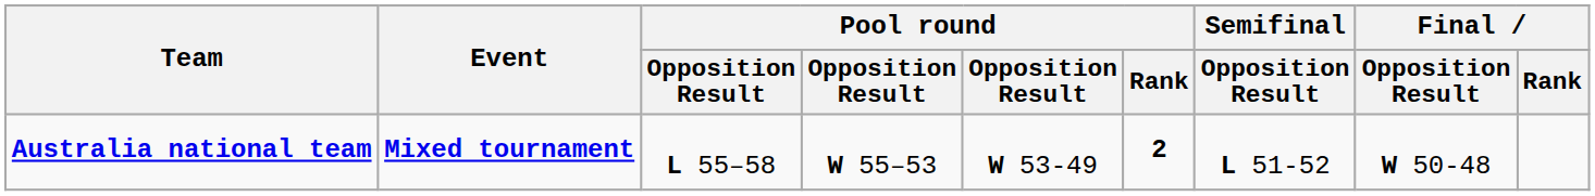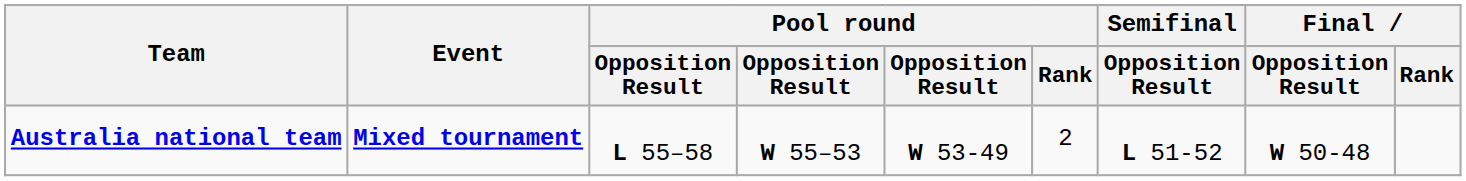 <table class=wikitable style=font-size:90%>
 <tr>
 <th rowspan=2>Team</th>
 <th rowspan=2>Event</th>
 <th colspan=4>Pool round</th>
 <th>Semifinal</th>
 <th colspan=2>Final / </th>
 </tr>
 <tr style=font-size:95%>
 <th>Opposition<br>Result</th>
 <th>Opposition<br>Result</th>
 <th>Opposition<br>Result</th>
 <th>Rank</th>
 <th>Opposition<br>Result</th>
 <th>Opposition<br>Result</th>
 <th>Rank</th>
 </tr>
 <tr align=center>
 <td align=left><strong><a href='#'>Australia national team</a></strong></td>
 <td align=left><strong><a href='#'>Mixed tournament</a></strong></td>
 <td><br><strong>L</strong> 55–58</td>
 <td><br><strong>W</strong> 55–53</td>
 <td><br><strong>W</strong> 53-49</td>
-<td><strong>2</strong></td>
+<td>2</td>
 <td><br><strong>L</strong> 51-52</td>
 <td><br><strong>W</strong> 50-48</td>
 <td></td>
 </tr>
 </table>
